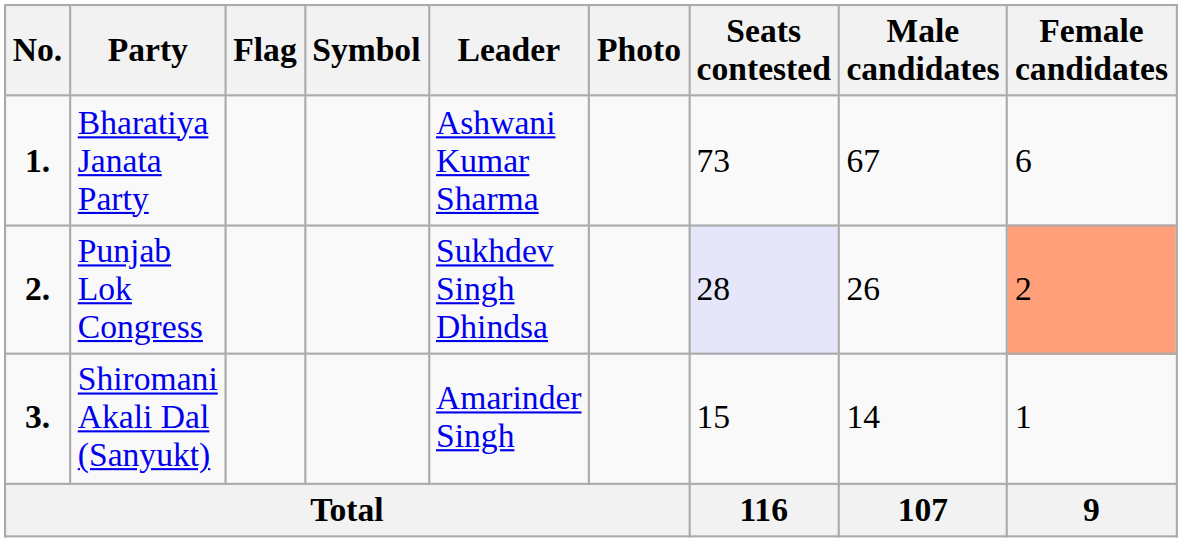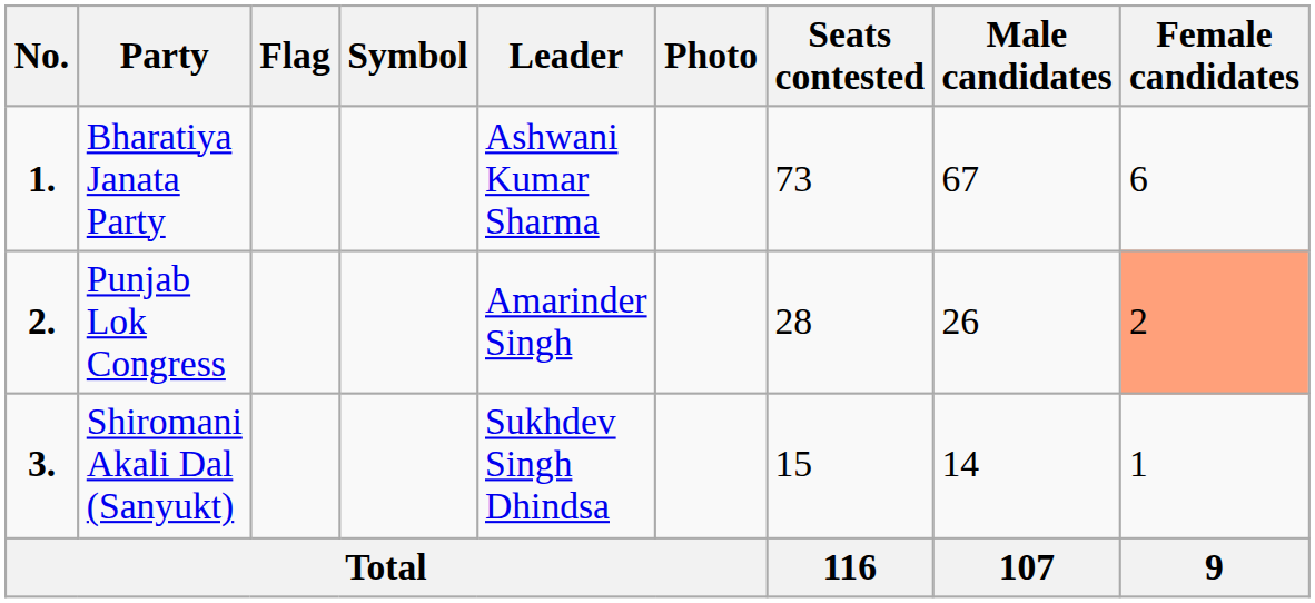 <table class="wikitable"  width="50%">
 <tr>
 <th>No.</th>
 <th>Party</th>
 <th>Flag</th>
 <th>Symbol</th>
 <th>Leader</th>
 <th>Photo</th>
 <th>Seats contested</th>
 <th>Male candidates</th>
 <th>Female candidates</th>
 </tr>
 <tr>
 <td ! style="text-align:center; background:"><strong>1.</strong></td>
 <td><a href='#'>Bharatiya Janata Party</a></td>
 <td></td>
 <td></td>
 <td><a href='#'>Ashwani Kumar Sharma</a></td>
 <td></td>
 <td>73</td>
 <td>67</td>
 <td>6</td>
 </tr>
 <tr>
 <td ! style="text-align:center; background:"><strong>2.</strong></td>
 <td><a href='#'>Punjab Lok Congress</a></td>
 <td></td>
 <td></td>
-<td><a href='#'>Sukhdev Singh Dhindsa</a></td>
+<td><a href='#'>Amarinder Singh</a></td>
 <td></td>
-<td style="background: lavender;">28</td>
+<td>28</td>
 <td>26</td>
 <td style="background: lightsalmon;">2</td>
 </tr>
 <tr>
 <td ! style="text-align:center; background:"><strong>3.</strong></td>
 <td><a href='#'>Shiromani Akali Dal (Sanyukt)</a></td>
 <td></td>
 <td></td>
-<td><a href='#'>Amarinder Singh</a></td>
+<td><a href='#'>Sukhdev Singh Dhindsa</a></td>
 <td></td>
 <td>15</td>
 <td>14</td>
 <td>1</td>
 </tr>
 <tr>
 <th colspan=6>Total</th>
 <th>116</th>
 <th>107</th>
 <th>9</th>
 </tr>
 </table>
